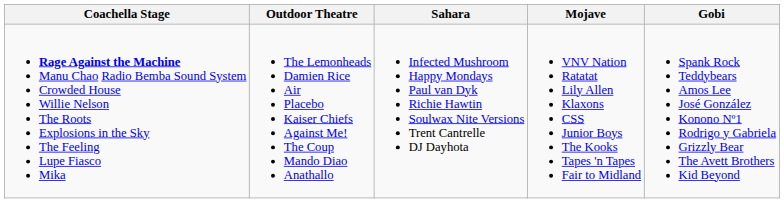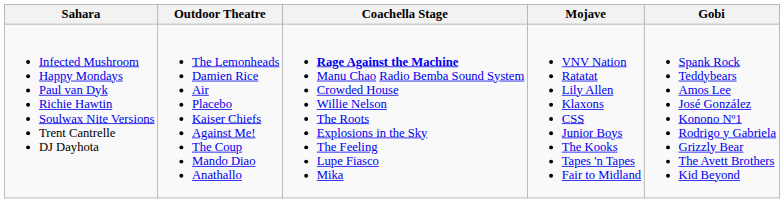 <table class="wikitable">
 <tr>
+<th>Sahara</th>
+<th>Outdoor Theatre</th>
 <th>Coachella Stage</th>
-<th>Outdoor Theatre</th>
-<th>Sahara</th>
 <th>Mojave</th>
 <th>Gobi</th>
 </tr>
 <tr valign="top">
+<td><br><ul><li><a href='#'>Infected Mushroom</a></li><li><a href='#'>Happy Mondays</a></li><li><a href='#'>Paul van Dyk</a></li><li><a href='#'>Richie Hawtin</a></li><li><a href='#'>Soulwax Nite Versions</a></li><li>Trent Cantrelle</li><li>DJ Dayhota</li></ul></td>
+<td><br><ul><li><a href='#'>The Lemonheads</a></li><li><a href='#'>Damien Rice</a></li><li><a href='#'>Air</a></li><li><a href='#'>Placebo</a></li><li><a href='#'>Kaiser Chiefs</a></li><li><a href='#'>Against Me!</a></li><li><a href='#'>The Coup</a></li><li><a href='#'>Mando Diao</a></li><li><a href='#'>Anathallo</a></li></ul></td>
 <td><br><ul><li><strong><a href='#'>Rage Against the Machine</a></strong></li><li><a href='#'>Manu Chao</a> <a href='#'>Radio Bemba Sound System</a></li><li><a href='#'>Crowded House</a></li><li><a href='#'>Willie Nelson</a></li><li><a href='#'>The Roots</a></li><li><a href='#'>Explosions in the Sky</a></li><li><a href='#'>The Feeling</a></li><li><a href='#'>Lupe Fiasco</a></li><li><a href='#'>Mika</a></li></ul></td>
-<td><br><ul><li><a href='#'>The Lemonheads</a></li><li><a href='#'>Damien Rice</a></li><li><a href='#'>Air</a></li><li><a href='#'>Placebo</a></li><li><a href='#'>Kaiser Chiefs</a></li><li><a href='#'>Against Me!</a></li><li><a href='#'>The Coup</a></li><li><a href='#'>Mando Diao</a></li><li><a href='#'>Anathallo</a></li></ul></td>
-<td><br><ul><li><a href='#'>Infected Mushroom</a></li><li><a href='#'>Happy Mondays</a></li><li><a href='#'>Paul van Dyk</a></li><li><a href='#'>Richie Hawtin</a></li><li><a href='#'>Soulwax Nite Versions</a></li><li>Trent Cantrelle</li><li>DJ Dayhota</li></ul></td>
 <td><br><ul><li><a href='#'>VNV Nation</a></li><li><a href='#'>Ratatat</a></li><li><a href='#'>Lily Allen</a></li><li><a href='#'>Klaxons</a></li><li><a href='#'>CSS</a></li><li><a href='#'>Junior Boys</a></li><li><a href='#'>The Kooks</a></li><li><a href='#'>Tapes 'n Tapes</a></li><li><a href='#'>Fair to Midland</a></li></ul></td>
 <td><br><ul><li><a href='#'>Spank Rock</a></li><li><a href='#'>Teddybears</a></li><li><a href='#'>Amos Lee</a></li><li><a href='#'>José González</a></li><li><a href='#'>Konono Nº1</a></li><li><a href='#'>Rodrigo y Gabriela</a></li><li><a href='#'>Grizzly Bear</a></li><li><a href='#'>The Avett Brothers</a></li><li><a href='#'>Kid Beyond</a></li></ul></td>
 </tr>
 </table>
